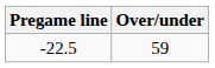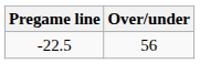 <table class="wikitable" style="margin-left: auto; margin-right: auto; border: none; display: inline-table;">
 <tr align="center">
 <th style=>Pregame line</th>
 <th style=>Over/under</th>
 </tr>
 <tr align="center">
 <td>-22.5</td>
-<td>59</td>
+<td>56</td>
 </tr>
 </table>
